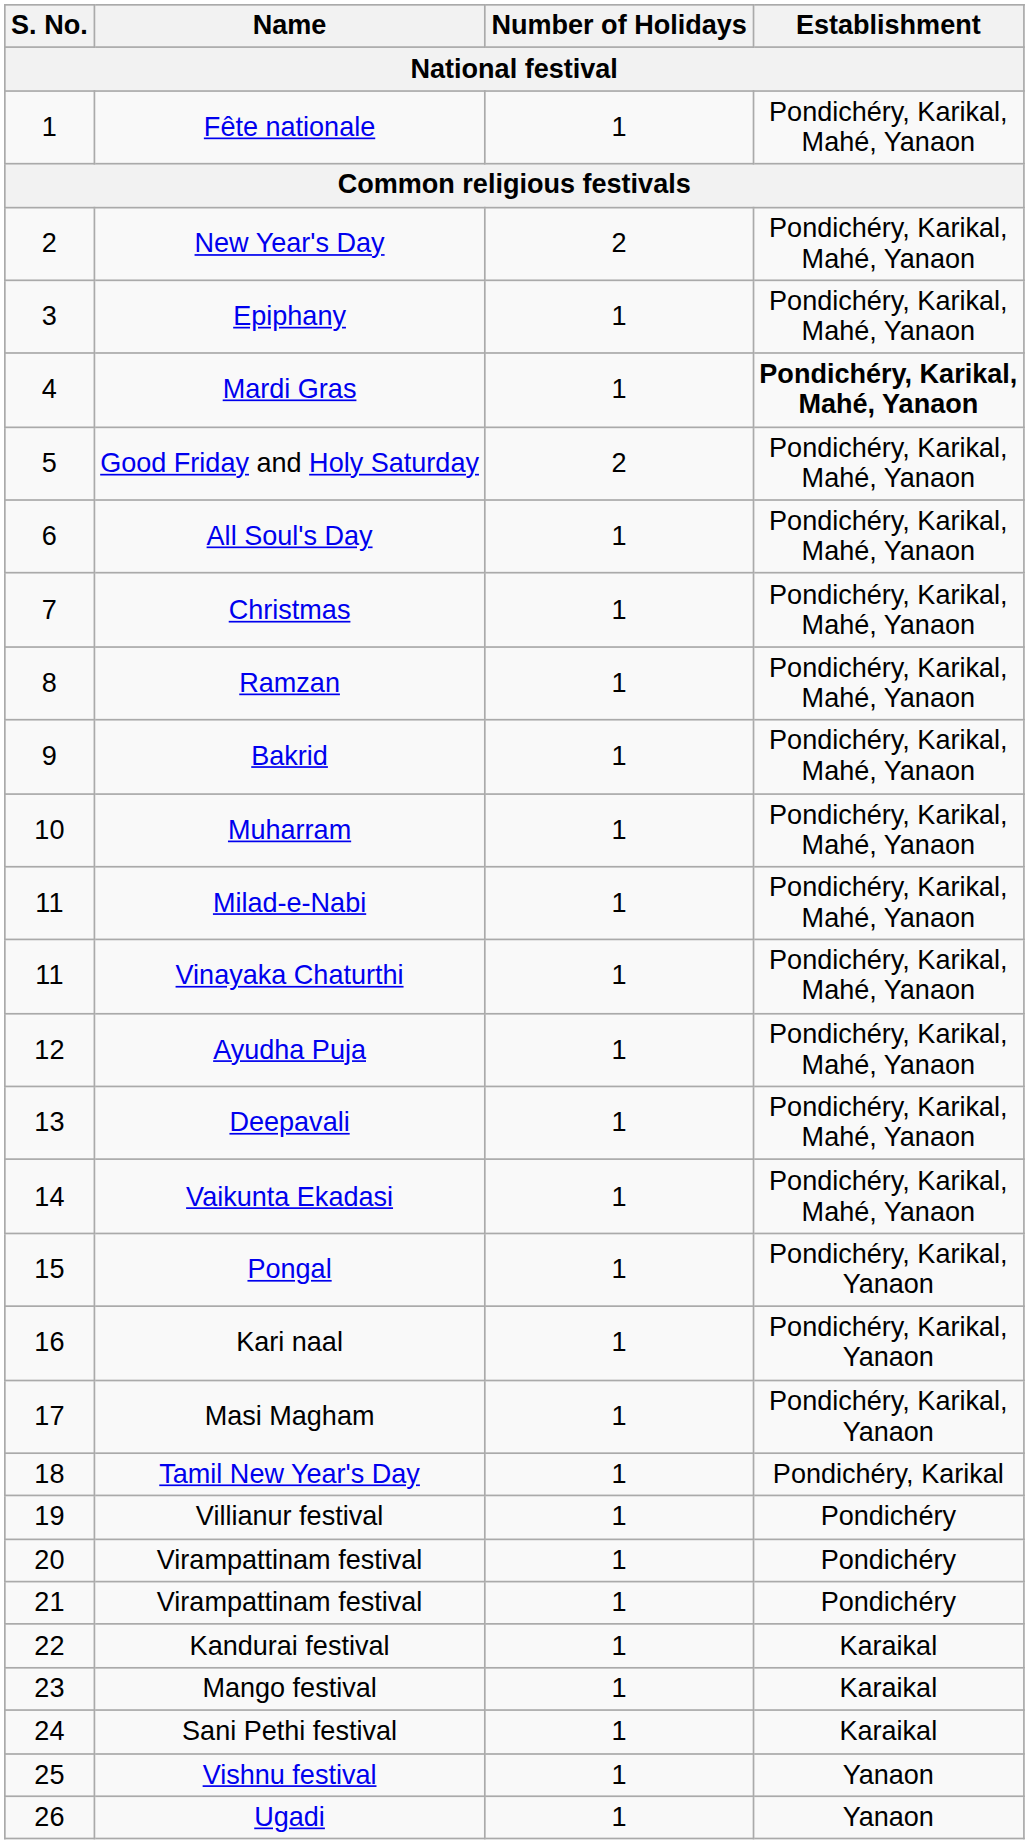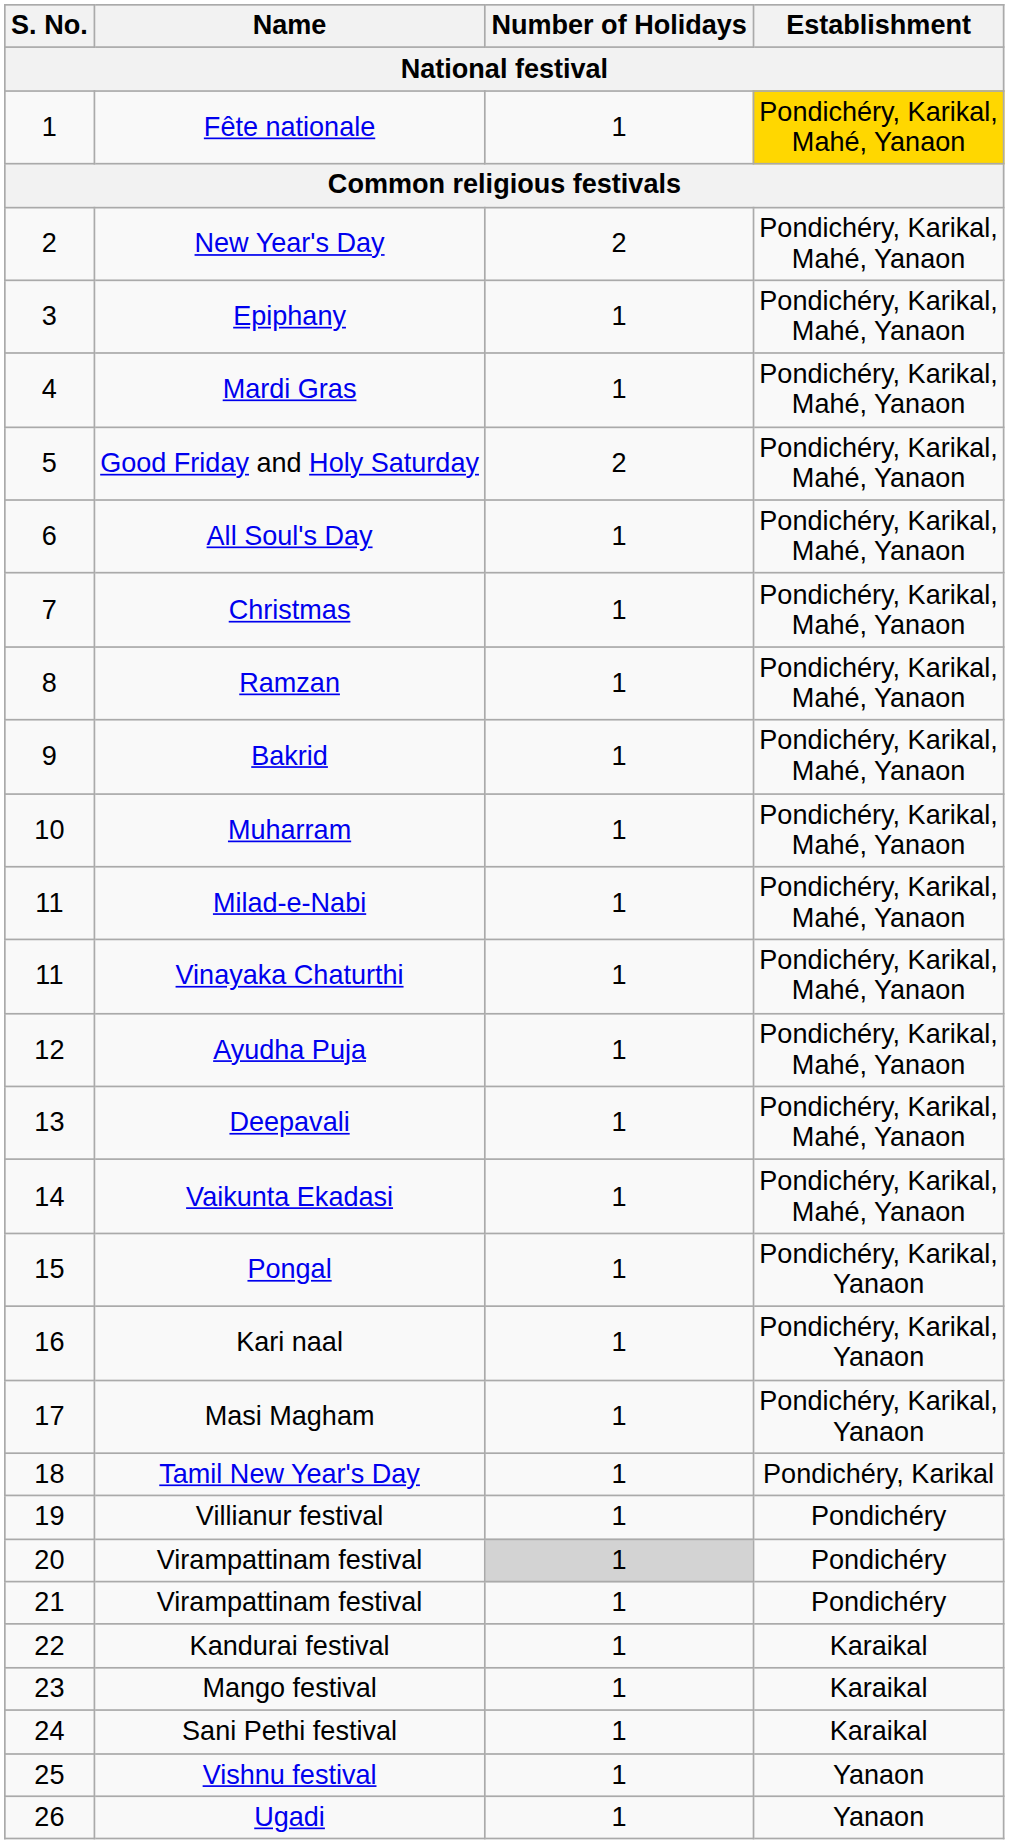 <table class="wikitable" style="text-align:center">
 <tr>
 <th>S. No.</th>
 <th>Name</th>
 <th colspan=1>Number of Holidays</th>
 <th>Establishment</th>
 </tr>
 <tr>
 <th colspan=5>National festival</th>
 </tr>
 <tr>
 <td>1</td>
 <td><a href='#'>Fête nationale</a></td>
 <td>1</td>
-<td>Pondichéry, Karikal,<br>Mahé, Yanaon</td>
+<td style="background: gold;">Pondichéry, Karikal,<br>Mahé, Yanaon</td>
 </tr>
 <tr>
 <th colspan=5>Common religious festivals</th>
 </tr>
 <tr>
 <td>2</td>
 <td><a href='#'>New Year's Day</a><br></td>
 <td>2</td>
 <td>Pondichéry, Karikal,<br>Mahé, Yanaon</td>
 </tr>
 <tr>
 <td>3</td>
 <td><a href='#'>Epiphany</a><br></td>
 <td>1</td>
 <td>Pondichéry, Karikal,<br>Mahé, Yanaon</td>
 </tr>
 <tr>
 <td>4</td>
 <td><a href='#'>Mardi Gras</a><br></td>
 <td>1</td>
-<td><strong>Pondichéry, Karikal,<br>Mahé, Yanaon</strong></td>
+<td>Pondichéry, Karikal,<br>Mahé, Yanaon</td>
 </tr>
 <tr>
 <td>5</td>
 <td><a href='#'>Good Friday</a> and <a href='#'>Holy Saturday</a><br></td>
 <td>2</td>
 <td>Pondichéry, Karikal,<br>Mahé, Yanaon</td>
 </tr>
 <tr>
 <td>6</td>
 <td><a href='#'>All Soul's Day</a><br></td>
 <td>1</td>
 <td>Pondichéry, Karikal,<br>Mahé, Yanaon</td>
 </tr>
 <tr>
 <td>7</td>
 <td><a href='#'>Christmas</a><br></td>
 <td>1</td>
 <td>Pondichéry, Karikal,<br>Mahé, Yanaon</td>
 </tr>
 <tr>
 <td>8</td>
 <td><a href='#'>Ramzan</a><br></td>
 <td>1</td>
 <td>Pondichéry, Karikal,<br>Mahé, Yanaon</td>
 </tr>
 <tr>
 <td>9</td>
 <td><a href='#'>Bakrid</a><br></td>
 <td>1</td>
 <td>Pondichéry, Karikal,<br>Mahé, Yanaon</td>
 </tr>
 <tr>
 <td>10</td>
 <td><a href='#'>Muharram</a><br></td>
 <td>1</td>
 <td>Pondichéry, Karikal,<br>Mahé, Yanaon</td>
 </tr>
 <tr>
 <td>11</td>
 <td><a href='#'>Milad-e-Nabi</a><br></td>
 <td>1</td>
 <td>Pondichéry, Karikal,<br>Mahé, Yanaon</td>
 </tr>
 <tr>
 <td>11</td>
 <td><a href='#'>Vinayaka Chaturthi</a><br></td>
 <td>1</td>
 <td>Pondichéry, Karikal,<br>Mahé, Yanaon</td>
 </tr>
 <tr>
 <td>12</td>
 <td><a href='#'>Ayudha Puja</a><br></td>
 <td>1</td>
 <td>Pondichéry, Karikal,<br>Mahé, Yanaon</td>
 </tr>
 <tr>
 <td>13</td>
 <td><a href='#'>Deepavali</a><br></td>
 <td>1</td>
 <td>Pondichéry, Karikal,<br>Mahé, Yanaon</td>
 </tr>
 <tr>
 <td>14</td>
 <td><a href='#'>Vaikunta Ekadasi</a><br></td>
 <td>1</td>
 <td>Pondichéry, Karikal,<br>Mahé, Yanaon</td>
 </tr>
 <tr>
 <td>15</td>
 <td><a href='#'>Pongal</a><br></td>
 <td>1</td>
 <td>Pondichéry, Karikal,<br>Yanaon</td>
 </tr>
 <tr>
 <td>16</td>
 <td>Kari naal<br></td>
 <td>1</td>
 <td>Pondichéry, Karikal,<br>Yanaon</td>
 </tr>
 <tr>
 <td>17</td>
 <td>Masi Magham<br></td>
 <td>1</td>
 <td>Pondichéry, Karikal,<br>Yanaon</td>
 </tr>
 <tr>
 <td>18</td>
 <td><a href='#'>Tamil New Year's Day</a><br></td>
 <td>1</td>
 <td>Pondichéry, Karikal</td>
 </tr>
 <tr>
 <td>19</td>
 <td>Villianur festival<br></td>
 <td>1</td>
 <td>Pondichéry</td>
 </tr>
 <tr>
 <td>20</td>
 <td>Virampattinam festival<br></td>
-<td>1</td>
+<td style="background: lightgrey;">1</td>
 <td>Pondichéry</td>
 </tr>
 <tr>
 <td>21</td>
 <td>Virampattinam festival<br></td>
 <td>1</td>
 <td>Pondichéry</td>
 </tr>
 <tr>
 <td>22</td>
 <td>Kandurai festival<br></td>
 <td>1</td>
 <td>Karaikal</td>
 </tr>
 <tr>
 <td>23</td>
 <td>Mango festival<br></td>
 <td>1</td>
 <td>Karaikal</td>
 </tr>
 <tr>
 <td>24</td>
 <td>Sani Pethi festival<br></td>
 <td>1</td>
 <td>Karaikal</td>
 </tr>
 <tr>
 <td>25</td>
 <td><a href='#'>Vishnu festival</a><br></td>
 <td>1</td>
 <td>Yanaon</td>
 </tr>
 <tr>
 <td>26</td>
 <td><a href='#'>Ugadi</a><br></td>
 <td>1</td>
 <td>Yanaon</td>
 </tr>
 </table>
